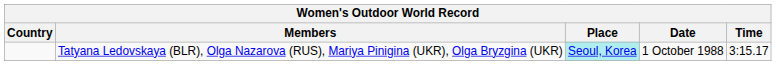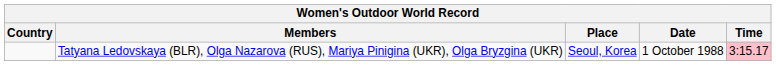 <table class=wikitable>
 <tr>
 <th colspan=5>Women's Outdoor World Record</th>
 </tr>
 <tr>
 <th>Country</th>
 <th>Members</th>
 <th>Place</th>
 <th>Date</th>
 <th>Time</th>
 </tr>
 <tr>
 <td></td>
 <td><a href='#'>Tatyana Ledovskaya</a> (BLR), <a href='#'>Olga Nazarova</a> (RUS), <a href='#'>Mariya Pinigina</a> (UKR), <a href='#'>Olga Bryzgina</a> (UKR)</td>
-<td style="background: paleturquoise;"><a href='#'>Seoul, Korea</a></td>
+<td><a href='#'>Seoul, Korea</a></td>
 <td>1 October 1988</td>
-<td>3:15.17</td>
+<td style="background: pink;">3:15.17</td>
 </tr>
 </table>
